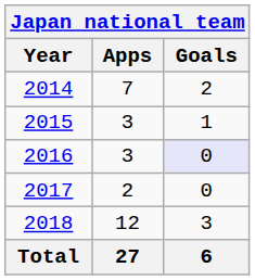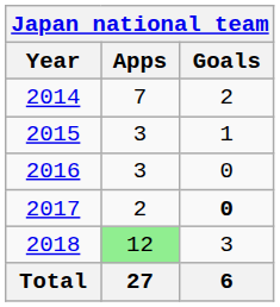 <table class="wikitable" style="text-align:center">
 <tr>
 <th colspan=3><a href='#'>Japan national team</a></th>
 </tr>
 <tr>
 <th>Year</th>
 <th>Apps</th>
 <th>Goals</th>
 </tr>
 <tr>
 <td><a href='#'>2014</a></td>
 <td>7</td>
 <td>2</td>
 </tr>
 <tr>
 <td><a href='#'>2015</a></td>
 <td>3</td>
 <td>1</td>
 </tr>
 <tr>
 <td><a href='#'>2016</a></td>
 <td>3</td>
-<td style="background: lavender;">0</td>
+<td>0</td>
 </tr>
 <tr>
 <td><a href='#'>2017</a></td>
 <td>2</td>
-<td>0</td>
+<td><strong>0</strong></td>
 </tr>
 <tr>
 <td><a href='#'>2018</a></td>
-<td>12</td>
+<td style="background: lightgreen;">12</td>
 <td>3</td>
 </tr>
 <tr>
 <th>Total</th>
 <th>27</th>
 <th>6</th>
 </tr>
 </table>
